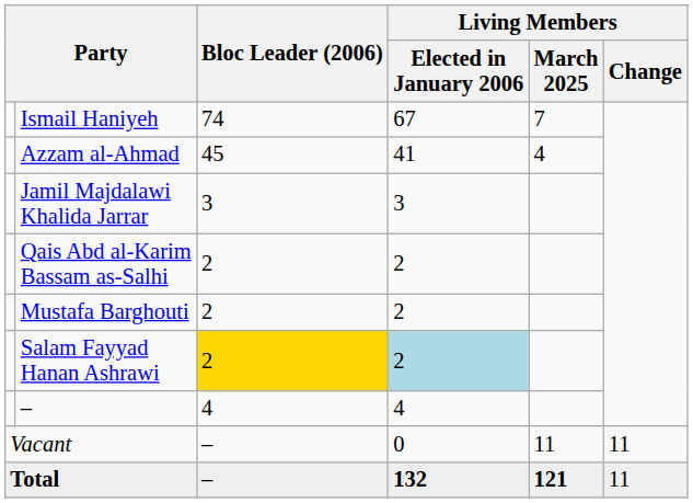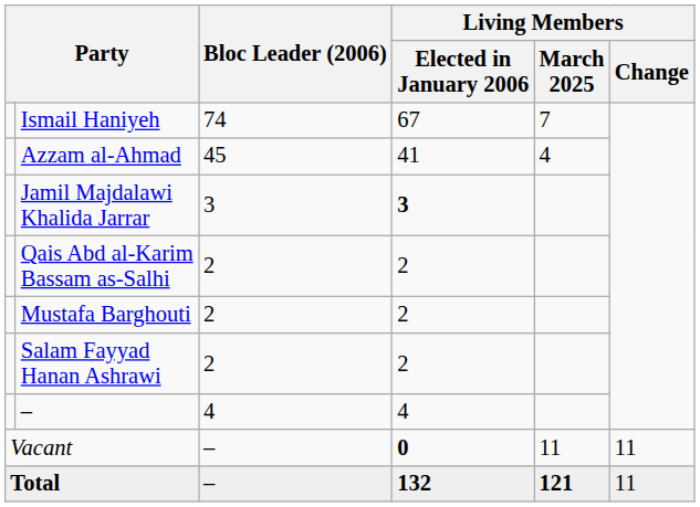 <table class="wikitable">
 <tr>
 <th colspan="2" rowspan="2"><strong>Party</strong></th>
 <th colspan="1" rowspan="2"><strong>Bloc Leader (2006)</strong></th>
 <th colspan="3">Living Members</th>
 </tr>
 <tr style="background:#efefef;">
 <th>Elected in<br>January 2006</th>
 <th>March<br>2025</th>
 <th><strong>Change</strong></th>
 </tr>
 <tr>
 <td></td>
 <td><a href='#'>Ismail Haniyeh</a></td>
 <td>74</td>
 <td>67</td>
 <td> 7</td>
 </tr>
 <tr>
 <td></td>
 <td><a href='#'>Azzam al-Ahmad</a></td>
 <td>45</td>
 <td>41</td>
 <td> 4</td>
 </tr>
 <tr>
 <td></td>
 <td><a href='#'>Jamil Majdalawi</a><br><a href='#'>Khalida Jarrar</a></td>
 <td>3</td>
-<td>3</td>
+<td><strong>3</strong></td>
 <td></td>
 </tr>
 <tr>
 <td></td>
 <td><a href='#'>Qais Abd al-Karim</a><br><a href='#'>Bassam as-Salhi</a></td>
 <td>2</td>
 <td>2</td>
 <td></td>
 </tr>
 <tr>
 <td></td>
 <td><a href='#'>Mustafa Barghouti</a></td>
 <td>2</td>
 <td>2</td>
 <td></td>
 </tr>
 <tr>
 <td></td>
 <td><a href='#'>Salam Fayyad</a><br><a href='#'>Hanan Ashrawi</a></td>
-<td style="background: gold;">2</td>
-<td style="background: lightblue;">2</td>
+<td>2</td>
+<td>2</td>
 <td></td>
 </tr>
 <tr>
 <td></td>
 <td>–</td>
 <td>4</td>
 <td>4</td>
 <td></td>
 </tr>
 <tr>
 <td colspan="2"><em>Vacant</em></td>
 <td>–</td>
-<td>0</td>
+<td><strong>0</strong></td>
 <td>11</td>
 <td> 11</td>
 </tr>
 <tr style="background:#efefef;">
 <td colspan="2"><strong>Total</strong></td>
 <td>–</td>
 <td><strong>132</strong></td>
 <td><strong>121</strong></td>
 <td> 11</td>
 </tr>
 </table>
